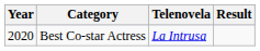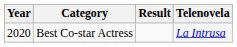 <table class="wikitable">
 <tr style="background:#b0c4de;">
 <th>Year</th>
 <th>Category</th>
+<th>Result</th>
 <th>Telenovela</th>
-<th>Result</th>
 </tr>
 <tr>
 <td>2020</td>
 <td>Best Co-star Actress</td>
+<td></td>
 <td><em><a href='#'>La Intrusa</a></em></td>
-<td></td>
 </tr>
 </table>
